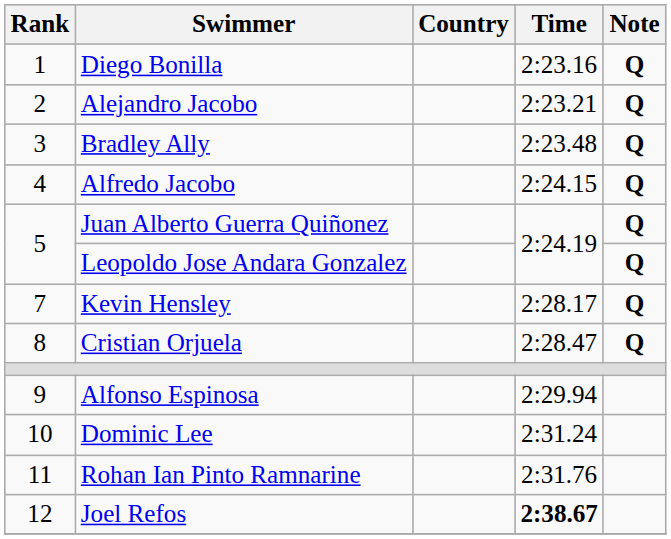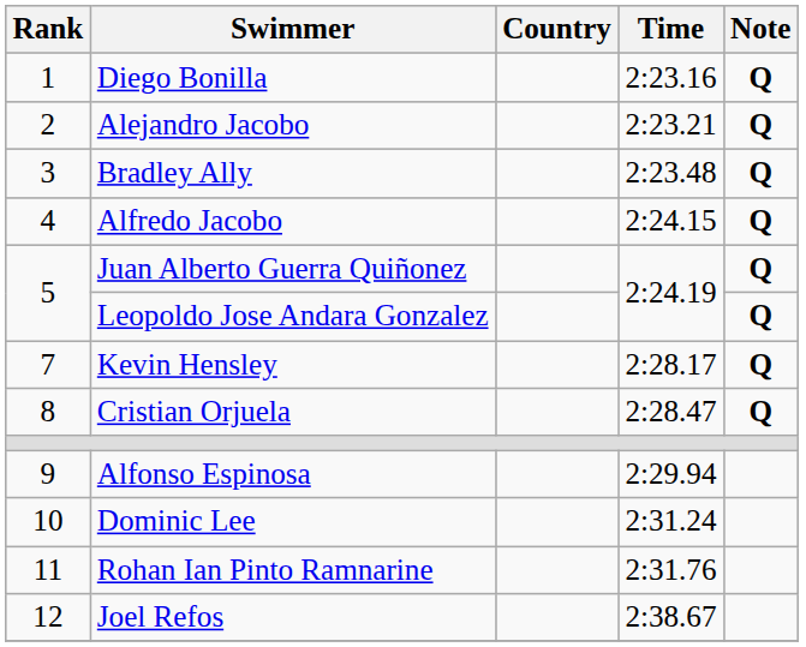 <table class="wikitable" style="text-align:center">
 <tr>
 <th>Rank</th>
 <th>Swimmer</th>
 <th>Country</th>
 <th>Time</th>
 <th>Note</th>
 </tr>
 <tr>
 <td>1</td>
 <td align=left><a href='#'>Diego Bonilla</a></td>
 <td align=left></td>
 <td>2:23.16</td>
 <td><strong>Q</strong></td>
 </tr>
 <tr>
 <td>2</td>
 <td align=left><a href='#'>Alejandro Jacobo</a></td>
 <td align=left></td>
 <td>2:23.21</td>
 <td><strong>Q</strong></td>
 </tr>
 <tr>
 <td>3</td>
 <td align=left><a href='#'>Bradley Ally</a></td>
 <td align=left></td>
 <td>2:23.48</td>
 <td><strong>Q</strong></td>
 </tr>
 <tr>
 <td>4</td>
 <td align=left><a href='#'>Alfredo Jacobo</a></td>
 <td align=left></td>
 <td>2:24.15</td>
 <td><strong>Q</strong></td>
 </tr>
 <tr>
 <td rowspan=2>5</td>
 <td align=left><a href='#'>Juan Alberto Guerra Quiñonez</a></td>
 <td align=left></td>
 <td rowspan=2>2:24.19</td>
 <td><strong>Q</strong></td>
 </tr>
 <tr>
 <td align=left><a href='#'>Leopoldo Jose Andara Gonzalez</a></td>
 <td align=left></td>
 <td><strong>Q</strong></td>
 </tr>
 <tr>
 <td>7</td>
 <td align=left><a href='#'>Kevin Hensley</a></td>
 <td align=left></td>
 <td>2:28.17</td>
 <td><strong>Q</strong></td>
 </tr>
 <tr>
 <td>8</td>
 <td align=left><a href='#'>Cristian Orjuela</a></td>
 <td align=left></td>
 <td>2:28.47</td>
 <td><strong>Q</strong></td>
 </tr>
 <tr bgcolor=#DDDDDD>
 <td colspan=5></td>
 </tr>
 <tr>
 <td>9</td>
 <td align=left><a href='#'>Alfonso Espinosa</a></td>
 <td align=left></td>
 <td>2:29.94</td>
 <td></td>
 </tr>
 <tr>
 <td>10</td>
 <td align=left><a href='#'>Dominic Lee</a></td>
 <td align=left></td>
 <td>2:31.24</td>
 <td></td>
 </tr>
 <tr>
 <td>11</td>
 <td align=left><a href='#'>Rohan Ian Pinto Ramnarine</a></td>
 <td align=left></td>
 <td>2:31.76</td>
 <td></td>
 </tr>
 <tr>
 <td>12</td>
 <td align=left><a href='#'>Joel Refos</a></td>
 <td align=left></td>
-<td><strong>2:38.67</strong></td>
+<td>2:38.67</td>
 <td></td>
 </tr>
 <tr>
 </tr>
 </table>
